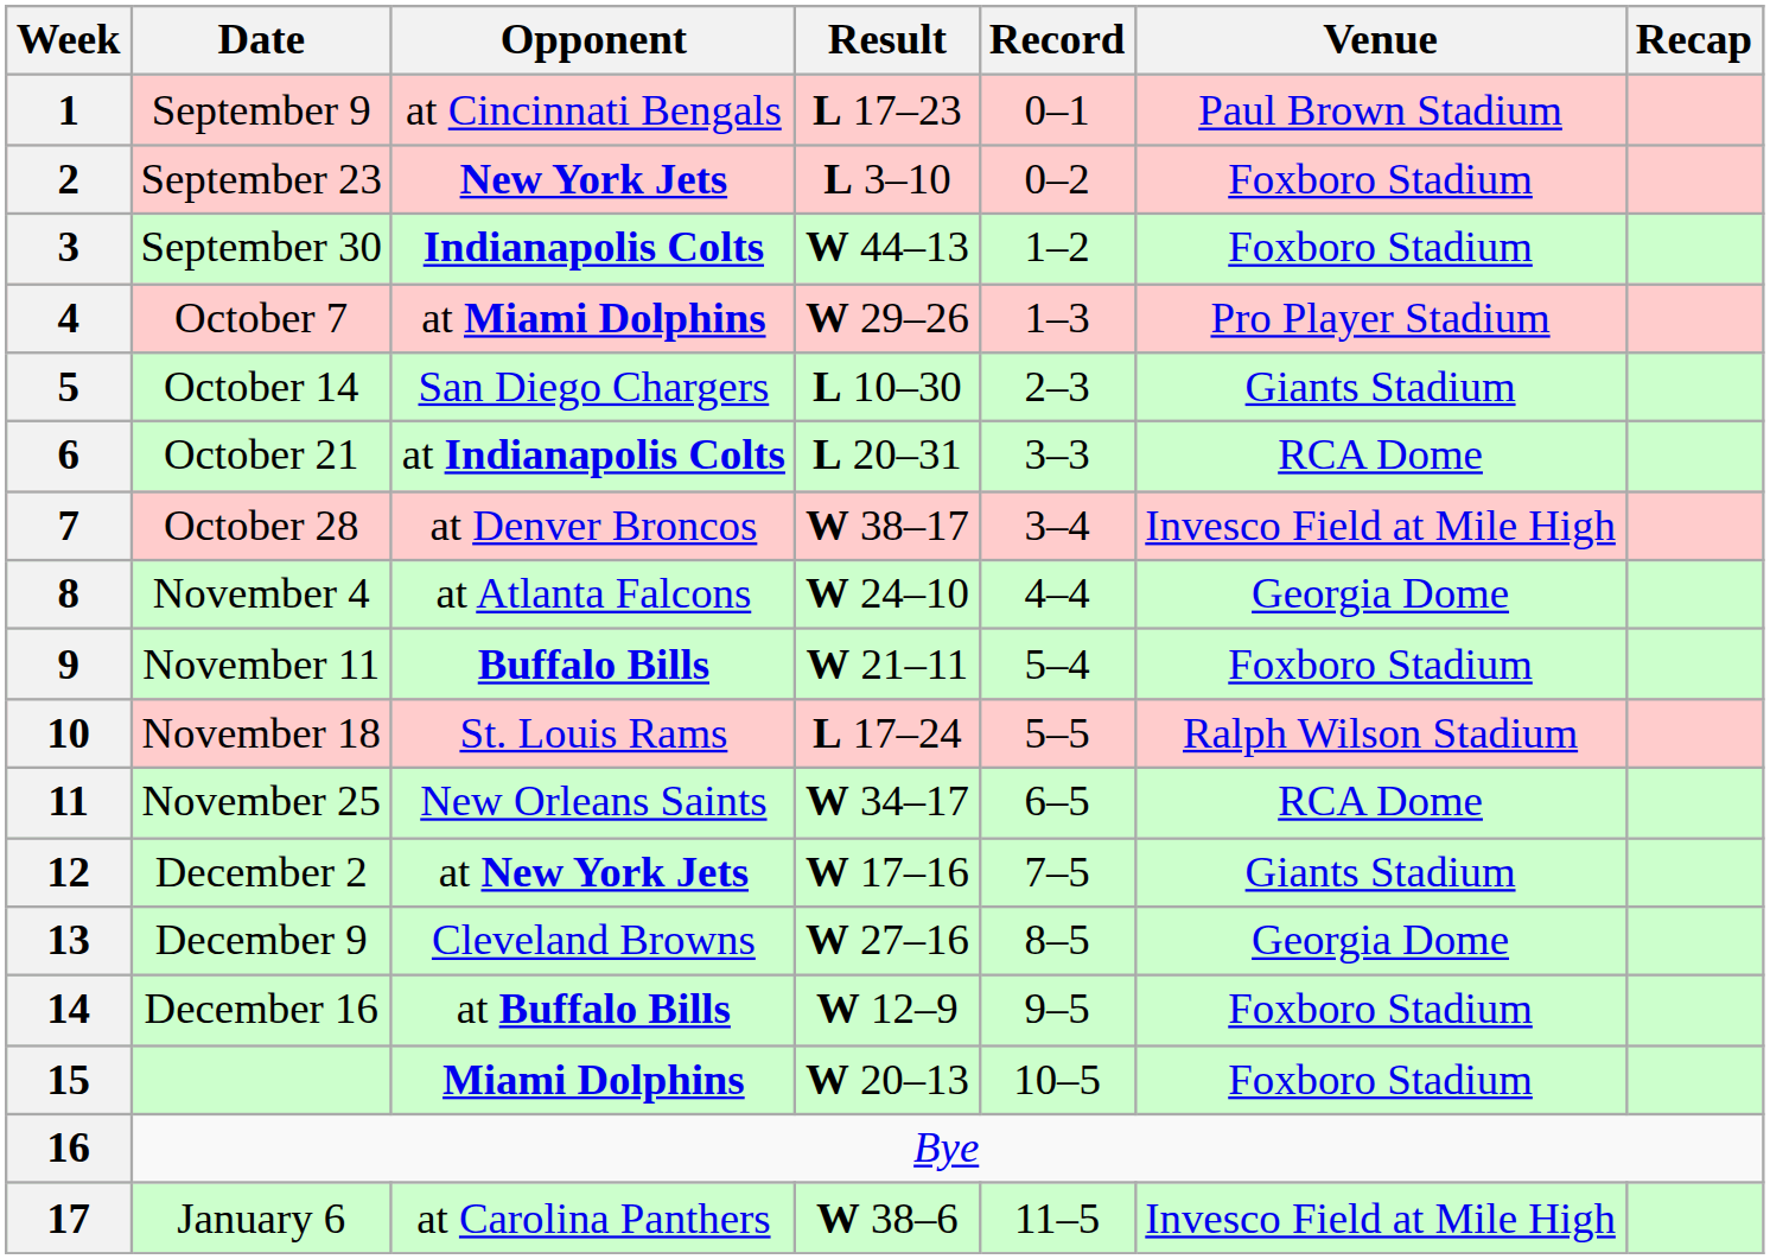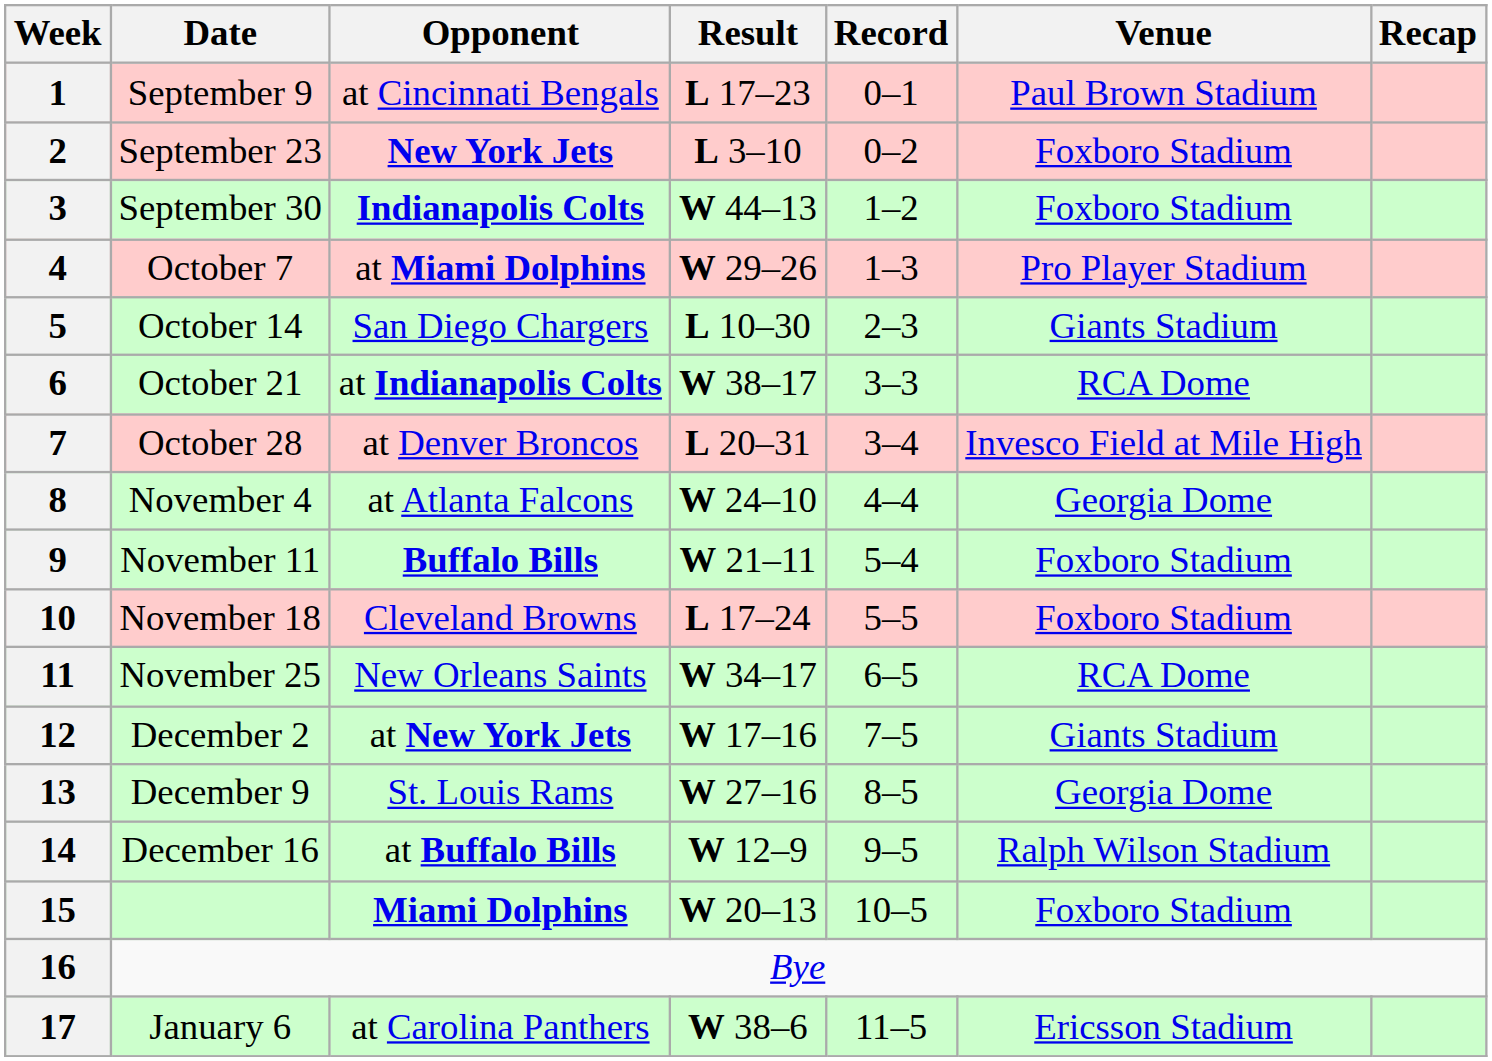 <table class="wikitable" style="text-align:center">
 <tr>
 <th>Week</th>
 <th>Date</th>
 <th>Opponent</th>
 <th>Result</th>
 <th>Record</th>
 <th>Venue</th>
 <th>Recap</th>
 </tr>
 <tr style="background: #fcc;">
 <th>1</th>
 <td>September 9</td>
 <td>at <a href='#'>Cincinnati Bengals</a></td>
 <td><strong>L</strong> 17–23</td>
 <td>0–1</td>
 <td><a href='#'>Paul Brown Stadium</a></td>
 <td></td>
 </tr>
 <tr style="background: #fcc;">
 <th>2</th>
 <td>September 23</td>
 <td><strong><a href='#'>New York Jets</a></strong></td>
 <td><strong>L</strong> 3–10</td>
 <td>0–2</td>
 <td><a href='#'>Foxboro Stadium</a></td>
 <td></td>
 </tr>
 <tr style="background: #cfc;">
 <th>3</th>
 <td>September 30</td>
 <td><strong><a href='#'>Indianapolis Colts</a></strong></td>
 <td><strong>W</strong> 44–13</td>
 <td>1–2</td>
 <td><a href='#'>Foxboro Stadium</a></td>
 <td></td>
 </tr>
 <tr style="background: #fcc;">
 <th>4</th>
 <td>October 7</td>
 <td>at <strong><a href='#'>Miami Dolphins</a></strong></td>
 <td><strong>W</strong> 29–26 </td>
 <td>1–3</td>
 <td><a href='#'>Pro Player Stadium</a></td>
 <td></td>
 </tr>
 <tr style="background: #cfc;">
 <th>5</th>
 <td>October 14</td>
 <td><a href='#'>San Diego Chargers</a></td>
 <td><strong>L</strong> 10–30</td>
 <td>2–3</td>
 <td><a href='#'>Giants Stadium</a></td>
 <td></td>
 </tr>
 <tr style="background:#cfc;">
 <th>6</th>
 <td>October 21</td>
 <td>at <strong><a href='#'>Indianapolis Colts</a></strong></td>
-<td><strong>L</strong> 20–31</td>
+<td><strong>W</strong> 38–17</td>
 <td>3–3</td>
 <td><a href='#'>RCA Dome</a></td>
 <td></td>
 </tr>
 <tr style="background: #fcc;">
 <th>7</th>
 <td>October 28</td>
 <td>at <a href='#'>Denver Broncos</a></td>
-<td><strong>W</strong> 38–17</td>
+<td><strong>L</strong> 20–31</td>
 <td>3–4</td>
 <td><a href='#'>Invesco Field at Mile High</a></td>
 <td></td>
 </tr>
 <tr style="background: #cfc;">
 <th>8</th>
 <td>November 4</td>
 <td>at <a href='#'>Atlanta Falcons</a></td>
 <td><strong>W</strong> 24–10</td>
 <td align="center">4–4</td>
 <td><a href='#'>Georgia Dome</a></td>
 <td></td>
 </tr>
 <tr style="background: #cfc;">
 <th>9</th>
 <td>November 11</td>
 <td><strong><a href='#'>Buffalo Bills</a></strong></td>
 <td><strong>W</strong> 21–11</td>
 <td>5–4</td>
 <td><a href='#'>Foxboro Stadium</a></td>
 <td></td>
 </tr>
 <tr style="background: #fcc;">
 <th>10</th>
 <td>November 18</td>
-<td><a href='#'>St. Louis Rams</a></td>
+<td><a href='#'>Cleveland Browns</a></td>
 <td><strong>L</strong> 17–24</td>
 <td>5–5</td>
-<td><a href='#'>Ralph Wilson Stadium</a></td>
+<td><a href='#'>Foxboro Stadium</a></td>
 <td></td>
 </tr>
 <tr style="background: #cfc;">
 <th>11</th>
 <td>November 25</td>
 <td><a href='#'>New Orleans Saints</a></td>
 <td><strong>W</strong> 34–17</td>
 <td>6–5</td>
 <td><a href='#'>RCA Dome</a></td>
 <td></td>
 </tr>
 <tr style="background:#cfc;">
 <th>12</th>
 <td>December 2</td>
 <td>at <strong><a href='#'>New York Jets</a></strong></td>
 <td><strong>W</strong> 17–16</td>
 <td>7–5</td>
 <td><a href='#'>Giants Stadium</a></td>
 <td></td>
 </tr>
 <tr style="background: #cfc;">
 <th>13</th>
 <td>December 9</td>
-<td><a href='#'>Cleveland Browns</a></td>
+<td><a href='#'>St. Louis Rams</a></td>
 <td><strong>W</strong> 27–16</td>
 <td>8–5</td>
 <td><a href='#'>Georgia Dome</a></td>
 <td></td>
 </tr>
 <tr style="background: #cfc;">
 <th>14</th>
 <td>December 16</td>
 <td>at <strong><a href='#'>Buffalo Bills</a></strong></td>
 <td><strong>W</strong> 12–9 </td>
 <td>9–5</td>
-<td><a href='#'>Foxboro Stadium</a></td>
+<td><a href='#'>Ralph Wilson Stadium</a></td>
 <td></td>
 </tr>
 <tr style="background: #cfc;">
 <th>15</th>
 <td></td>
 <td><strong><a href='#'>Miami Dolphins</a></strong></td>
 <td><strong>W</strong> 20–13</td>
 <td>10–5</td>
 <td><a href='#'>Foxboro Stadium</a></td>
 <td></td>
 </tr>
 <tr align="center">
 <th>16</th>
 <td colspan="8" align="center"><em><a href='#'>Bye</a></em></td>
 </tr>
 <tr style="background: #cfc;">
 <th>17</th>
 <td>January 6</td>
 <td>at <a href='#'>Carolina Panthers</a></td>
 <td><strong>W</strong> 38–6</td>
 <td>11–5</td>
-<td><a href='#'>Invesco Field at Mile High</a></td>
+<td><a href='#'>Ericsson Stadium</a></td>
 <td></td>
 </tr>
 </table>
